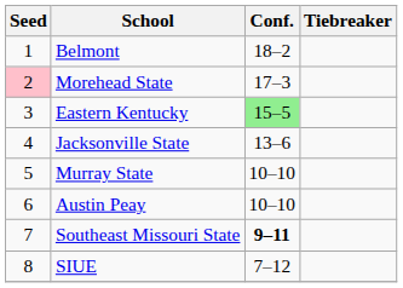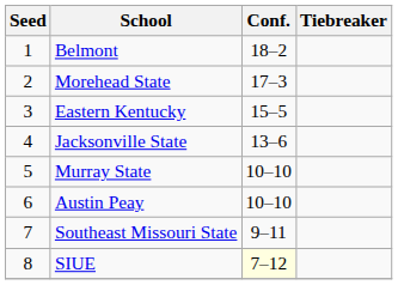 <table class="wikitable" style="font-size:95%; text-align:center">
 <tr>
 <th>Seed</th>
 <th>School</th>
 <th>Conf.</th>
 <th>Tiebreaker</th>
 </tr>
 <tr>
 <td>1</td>
 <td align=left><a href='#'>Belmont</a></td>
 <td>18–2</td>
 <td align=left></td>
 </tr>
 <tr>
-<td style="background: pink;">2</td>
+<td>2</td>
 <td align=left><a href='#'>Morehead State</a></td>
 <td>17–3</td>
 <td align=left></td>
 </tr>
 <tr>
 <td>3</td>
 <td align=left><a href='#'>Eastern Kentucky</a></td>
-<td style="background: lightgreen;">15–5</td>
+<td>15–5</td>
 <td></td>
 </tr>
 <tr>
 <td>4</td>
 <td align=left><a href='#'>Jacksonville State</a></td>
 <td>13–6</td>
 <td></td>
 </tr>
 <tr>
 <td>5</td>
 <td align=left><a href='#'>Murray State</a></td>
 <td>10–10</td>
 <td align=left></td>
 </tr>
 <tr>
 <td>6</td>
 <td align=left><a href='#'>Austin Peay</a></td>
 <td>10–10</td>
 <td align=left></td>
 </tr>
 <tr>
 <td>7</td>
 <td align=left><a href='#'>Southeast Missouri State</a></td>
-<td><strong>9–11</strong></td>
+<td>9–11</td>
 <td align=left></td>
 </tr>
 <tr>
 <td>8</td>
 <td align=left><a href='#'>SIUE</a></td>
-<td>7–12</td>
+<td style="background: lightyellow;">7–12</td>
 <td align=left></td>
 </tr>
 <tr>
 </tr>
 </table>
